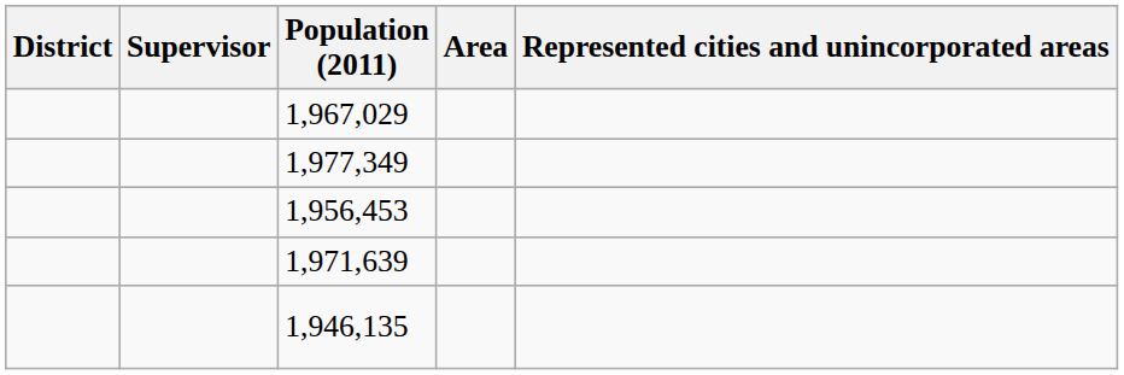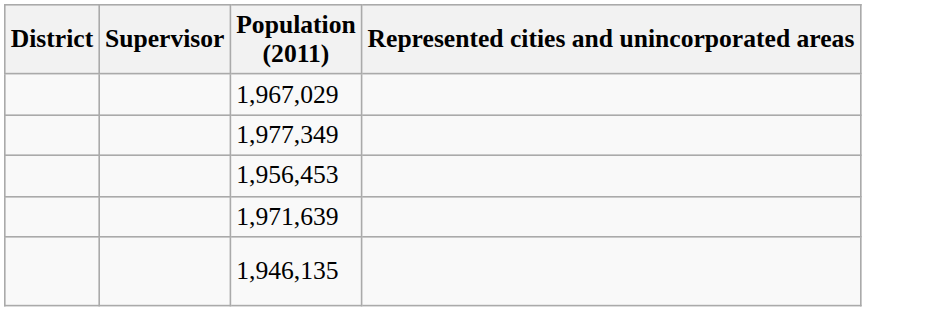 <table class="wikitable">
 <tr>
 <th>District</th>
 <th>Supervisor</th>
 <th>Population<br> (2011)</th>
-<th>Area</th>
 <th>Represented cities and unincorporated areas</th>
 </tr>
 <tr>
 <td></td>
 <td></td>
 <td>1,967,029</td>
-<td></td>
 <td><br>  </td>
 </tr>
 <tr>
 <td></td>
 <td></td>
 <td>1,977,349</td>
-<td></td>
 <td><br> </td>
 </tr>
 <tr>
 <td></td>
 <td></td>
 <td>1,956,453</td>
-<td></td>
 <td><br> </td>
 </tr>
 <tr>
 <td></td>
 <td></td>
 <td>1,971,639</td>
-<td></td>
 <td><br> </td>
 </tr>
 <tr>
 <td></td>
 <td></td>
 <td>1,946,135</td>
-<td></td>
 <td><br> <br></td>
 </tr>
 </table>
